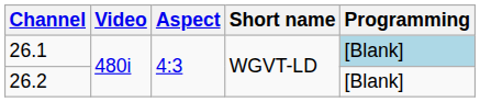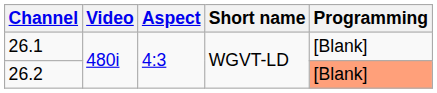 <table class="wikitable">
 <tr>
 <th><a href='#'>Channel</a></th>
 <th><a href='#'>Video</a></th>
 <th><a href='#'>Aspect</a></th>
 <th>Short name</th>
 <th>Programming</th>
 </tr>
 <tr>
 <td>26.1</td>
 <td rowspan=2><a href='#'>480i</a></td>
 <td rowspan=2><a href='#'>4:3</a></td>
 <td rowspan=2>WGVT-LD</td>
-<td style="background: lightblue;">[Blank]</td>
+<td>[Blank]</td>
 </tr>
 <tr>
 <td>26.2</td>
-<td>[Blank]</td>
+<td style="background: lightsalmon;">[Blank]</td>
 </tr>
 </table>
